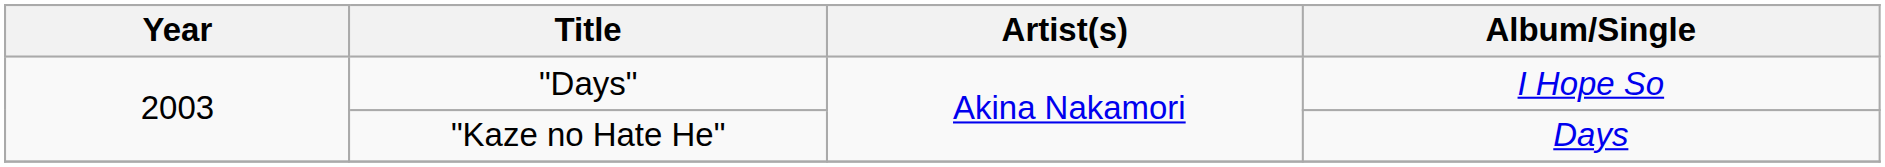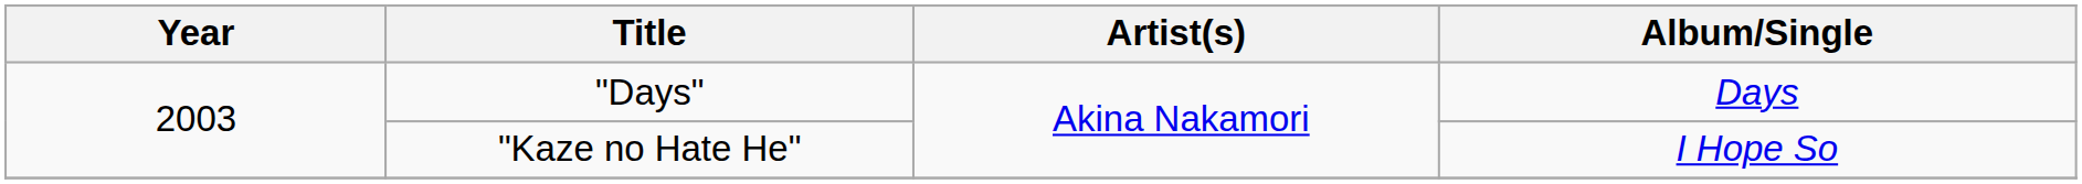 <table class="wikitable plainrowheaders" style="text-align:center;">
 <tr>
 <th scope="col" style="width:10em;">Year</th>
 <th scope="col" style="width:14em;">Title</th>
 <th scope="col" style="width:14em;">Artist(s)</th>
 <th scope="col" style="width:17em;">Album/Single</th>
 </tr>
 <tr>
 <td rowspan="2">2003</td>
 <td scope="row">"Days"</td>
 <td rowspan="2"> <a href='#'>Akina Nakamori</a></td>
-<td><em><a href='#'>I Hope So</a></em></td>
+<td><em><a href='#'>Days</a></em></td>
 </tr>
 <tr>
 <td scope="row">"Kaze no Hate He"</td>
-<td><em><a href='#'>Days</a></em></td>
+<td><em><a href='#'>I Hope So</a></em></td>
 </tr>
 <tr>
 </tr>
 </table>
